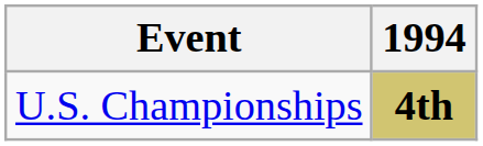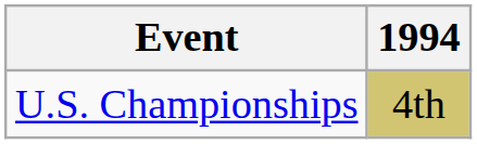 <table class="wikitable" style="text-align:center">
 <tr>
 <th>Event</th>
 <th>1994</th>
 </tr>
 <tr>
 <td align=left><a href='#'>U.S. Championships</a></td>
-<td bgcolor=d1c571><strong>4th</strong></td>
+<td bgcolor=d1c571>4th</td>
 </tr>
 </table>
